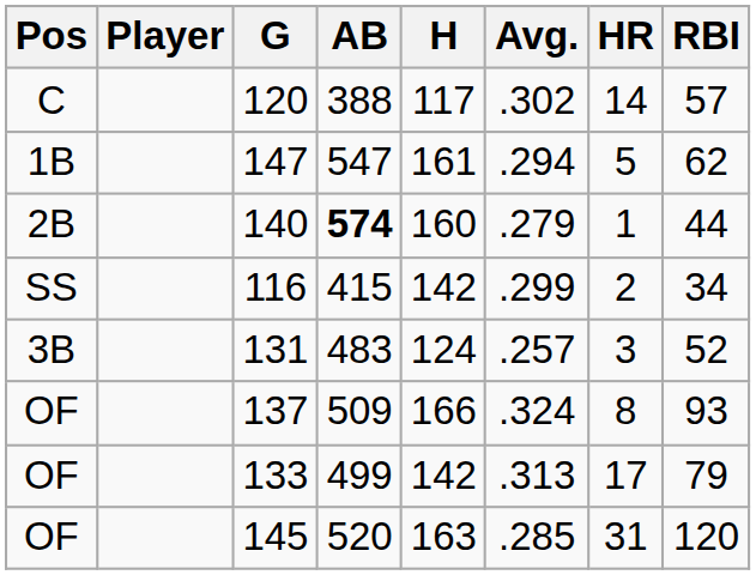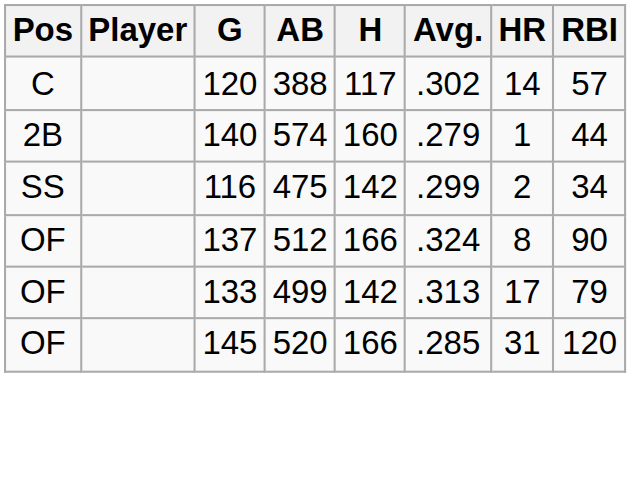 <table class="wikitable sortable" style="text-align:center;">
 <tr>
 <th>Pos</th>
 <th>Player</th>
 <th>G</th>
 <th>AB</th>
 <th>H</th>
 <th>Avg.</th>
 <th>HR</th>
 <th>RBI</th>
 </tr>
 <tr>
 <td>C</td>
 <td></td>
 <td>120</td>
 <td>388</td>
 <td>117</td>
 <td>.302</td>
 <td>14</td>
 <td>57</td>
 </tr>
 <tr>
-<td>1B</td>
-<td></td>
-<td>147</td>
-<td>547</td>
-<td>161</td>
-<td>.294</td>
-<td>5</td>
-<td>62</td>
-</tr>
-<tr>
 <td>2B</td>
 <td></td>
 <td>140</td>
-<td><strong>574</strong></td>
+<td>574</td>
 <td>160</td>
 <td>.279</td>
 <td>1</td>
 <td>44</td>
 </tr>
 <tr>
 <td>SS</td>
 <td></td>
 <td>116</td>
-<td>415</td>
+<td>475</td>
 <td>142</td>
 <td>.299</td>
 <td>2</td>
 <td>34</td>
 </tr>
 <tr>
-<td>3B</td>
-<td></td>
-<td>131</td>
-<td>483</td>
-<td>124</td>
-<td>.257</td>
-<td>3</td>
-<td>52</td>
-</tr>
-<tr>
 <td>OF</td>
 <td></td>
 <td>137</td>
-<td>509</td>
+<td>512</td>
 <td>166</td>
 <td>.324</td>
 <td>8</td>
-<td>93</td>
+<td>90</td>
 </tr>
 <tr>
 <td>OF</td>
 <td></td>
 <td>133</td>
 <td>499</td>
 <td>142</td>
 <td>.313</td>
 <td>17</td>
 <td>79</td>
 </tr>
 <tr>
 <td>OF</td>
 <td></td>
 <td>145</td>
 <td>520</td>
-<td>163</td>
+<td>166</td>
 <td>.285</td>
 <td>31</td>
 <td>120</td>
 </tr>
 </table>
